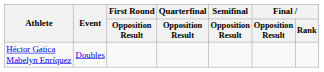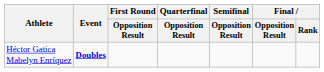 <table class=wikitable style=font-size:90%;text-align:center>
 <tr>
 <th rowspan=2>Athlete</th>
 <th rowspan=2>Event</th>
 <th>First Round</th>
 <th>Quarterfinal</th>
 <th>Semifinal</th>
 <th colspan=2>Final / </th>
 </tr>
 <tr style=font-size:95%>
 <th>Opposition<br>Result</th>
 <th>Opposition<br>Result</th>
 <th>Opposition<br>Result</th>
 <th>Opposition<br>Result</th>
 <th>Rank</th>
 </tr>
 <tr>
 <td align=left><a href='#'>Héctor Gatica</a><br><a href='#'>Mabelyn Enríquez</a></td>
-<td align=left><a href='#'>Doubles</a></td>
+<td align=left><strong><a href='#'>Doubles</a></strong></td>
 <td></td>
 <td></td>
 <td></td>
 <td></td>
 <td></td>
 </tr>
 </table>
